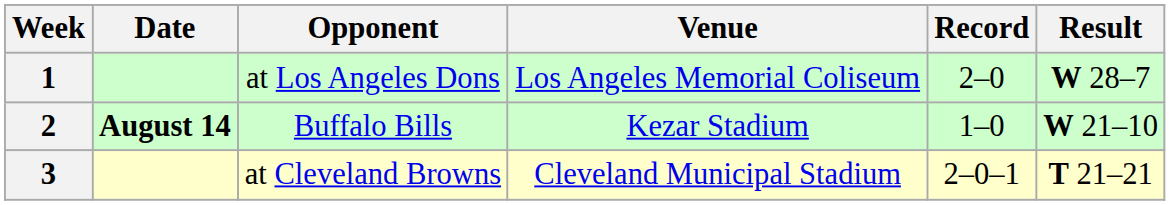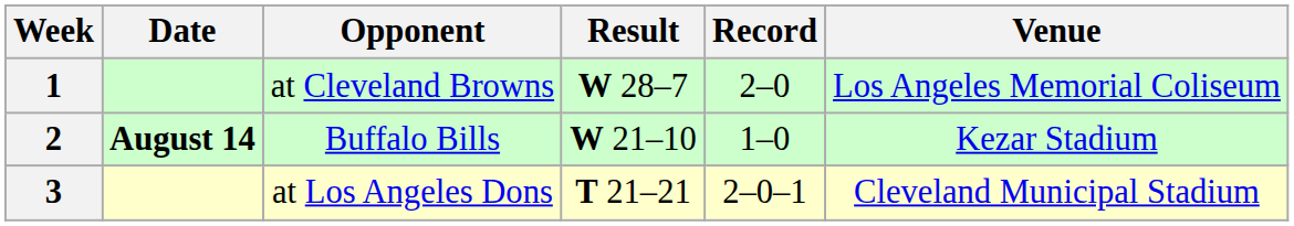 <table class="wikitable" style="text-align:center">
 <tr>
 <th>Week</th>
 <th>Date</th>
 <th>Opponent</th>
+<th>Result</th>
+<th>Record</th>
 <th>Venue</th>
-<th>Record</th>
-<th>Result</th>
 </tr>
 <tr style="background:#cfc">
 <th>1</th>
 <td></td>
-<td>at <a href='#'>Los Angeles Dons</a></td>
+<td>at <a href='#'>Cleveland Browns</a></td>
+<td><strong>W</strong> 28–7</td>
+<td>2–0</td>
 <td><a href='#'>Los Angeles Memorial Coliseum</a></td>
-<td>2–0</td>
-<td><strong>W</strong> 28–7</td>
 </tr>
 <tr style="background:#cfc">
 <th>2</th>
 <td><strong>August 14</strong></td>
 <td><a href='#'>Buffalo Bills</a></td>
+<td><strong>W</strong> 21–10</td>
+<td>1–0</td>
 <td><a href='#'>Kezar Stadium</a></td>
-<td>1–0</td>
-<td><strong>W</strong> 21–10</td>
 </tr>
 <tr style="background:#ffc">
 <th>3</th>
 <td></td>
-<td>at <a href='#'>Cleveland Browns</a></td>
+<td>at <a href='#'>Los Angeles Dons</a></td>
+<td><strong>T</strong> 21–21</td>
+<td>2–0–1</td>
 <td><a href='#'>Cleveland Municipal Stadium</a></td>
-<td>2–0–1</td>
-<td><strong>T</strong> 21–21</td>
 </tr>
 </table>
